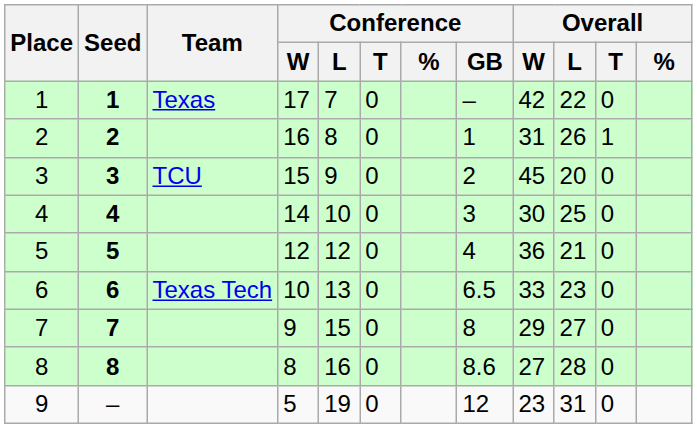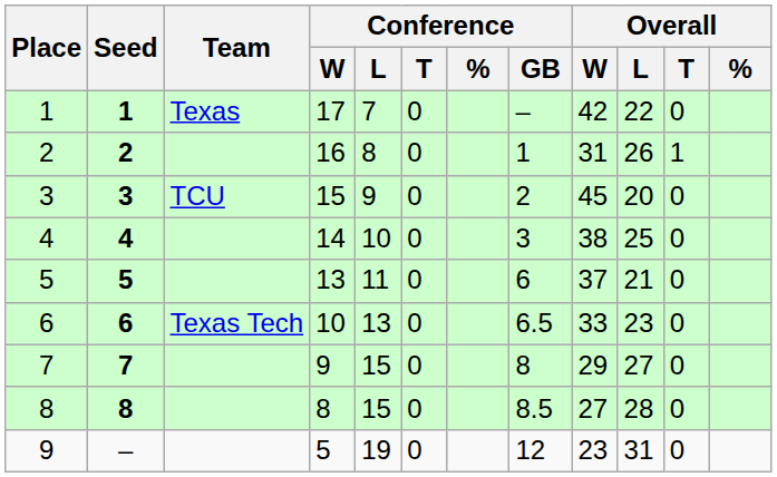 <table class="wikitable">
 <tr>
 <th rowspan ="2">Place</th>
 <th rowspan ="2">Seed</th>
 <th rowspan ="2">Team</th>
 <th colspan = "5">Conference</th>
 <th colspan = "4">Overall</th>
 </tr>
 <tr>
 <th scope="col" style="width: 20px;">W</th>
 <th scope="col" style="width: 20px;">L</th>
 <th scope="col" style="width: 20px;">T</th>
 <th scope="col" style="width: 30px;">%</th>
 <th scope="col" style="width: 30px;">GB</th>
 <th scope="col" style="width: 20px;">W</th>
 <th scope="col" style="width: 20px;">L</th>
 <th scope="col" style="width: 20px;">T</th>
 <th scope="col" style="width: 30px;">%</th>
 </tr>
 <tr bgcolor=#ccffcc>
 <td style="text-align:center;">1</td>
 <td style="text-align:center;"><strong>1</strong></td>
 <td><a href='#'>Texas</a></td>
 <td>17</td>
 <td>7</td>
 <td>0</td>
 <td></td>
 <td>–</td>
 <td>42</td>
 <td>22</td>
 <td>0</td>
 <td></td>
 </tr>
 <tr bgcolor=#ccffcc>
 <td style="text-align:center;">2</td>
 <td style="text-align:center;"><strong>2</strong></td>
 <td></td>
 <td>16</td>
 <td>8</td>
 <td>0</td>
 <td></td>
 <td>1</td>
 <td>31</td>
 <td>26</td>
 <td>1</td>
 <td></td>
 </tr>
 <tr bgcolor=#ccffcc>
 <td style="text-align:center;">3</td>
 <td style="text-align:center;"><strong>3</strong></td>
 <td><a href='#'>TCU</a></td>
 <td>15</td>
 <td>9</td>
 <td>0</td>
 <td></td>
 <td>2</td>
 <td>45</td>
 <td>20</td>
 <td>0</td>
 <td></td>
 </tr>
 <tr bgcolor=#ccffcc>
 <td style="text-align:center;">4</td>
 <td style="text-align:center;"><strong>4</strong></td>
 <td></td>
 <td>14</td>
 <td>10</td>
 <td>0</td>
 <td></td>
 <td>3</td>
-<td>30</td>
+<td>38</td>
 <td>25</td>
 <td>0</td>
 <td></td>
 </tr>
 <tr bgcolor=#ccffcc>
 <td style="text-align:center;">5</td>
 <td style="text-align:center;"><strong>5</strong></td>
 <td></td>
-<td>12</td>
-<td>12</td>
+<td>13</td>
+<td>11</td>
 <td>0</td>
 <td></td>
-<td>4</td>
-<td>36</td>
+<td>6</td>
+<td>37</td>
 <td>21</td>
 <td>0</td>
 <td></td>
 </tr>
 <tr bgcolor=#ccffcc>
 <td style="text-align:center;">6</td>
 <td style="text-align:center;"><strong>6</strong></td>
 <td><a href='#'>Texas Tech</a></td>
 <td>10</td>
 <td>13</td>
 <td>0</td>
 <td></td>
 <td>6.5</td>
 <td>33</td>
 <td>23</td>
 <td>0</td>
 <td></td>
 </tr>
 <tr bgcolor=#ccffcc>
 <td style="text-align:center;">7</td>
 <td style="text-align:center;"><strong>7</strong></td>
 <td></td>
 <td>9</td>
 <td>15</td>
 <td>0</td>
 <td></td>
 <td>8</td>
 <td>29</td>
 <td>27</td>
 <td>0</td>
 <td></td>
 </tr>
 <tr bgcolor=#ccffcc>
 <td style="text-align:center;">8</td>
 <td style="text-align:center;"><strong>8</strong></td>
 <td></td>
 <td>8</td>
-<td>16</td>
+<td>15</td>
 <td>0</td>
 <td></td>
-<td>8.6</td>
+<td>8.5</td>
 <td>27</td>
 <td>28</td>
 <td>0</td>
 <td></td>
 </tr>
 <tr>
 <td style="text-align:center;">9</td>
 <td style="text-align:center;">–</td>
 <td></td>
 <td>5</td>
 <td>19</td>
 <td>0</td>
 <td></td>
 <td>12</td>
 <td>23</td>
 <td>31</td>
 <td>0</td>
 <td></td>
 </tr>
 </table>
